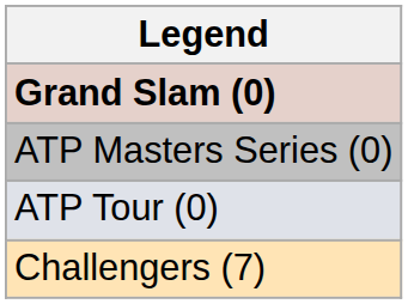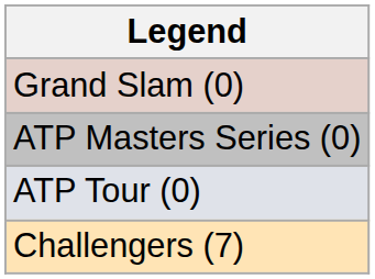 <table class=wikitable>
 <tr>
 <th>Legend</th>
 </tr>
 <tr bgcolor=e5d1cb>
-<td><strong>Grand Slam (0)</strong></td>
+<td>Grand Slam (0)</td>
 </tr>
 <tr bgcolor=silver>
 <td>ATP Masters Series (0)</td>
 </tr>
 <tr bgcolor=dfe2e9>
 <td>ATP Tour (0)</td>
 </tr>
 <tr bgcolor=moccasin>
 <td>Challengers (7)</td>
 </tr>
 </table>
